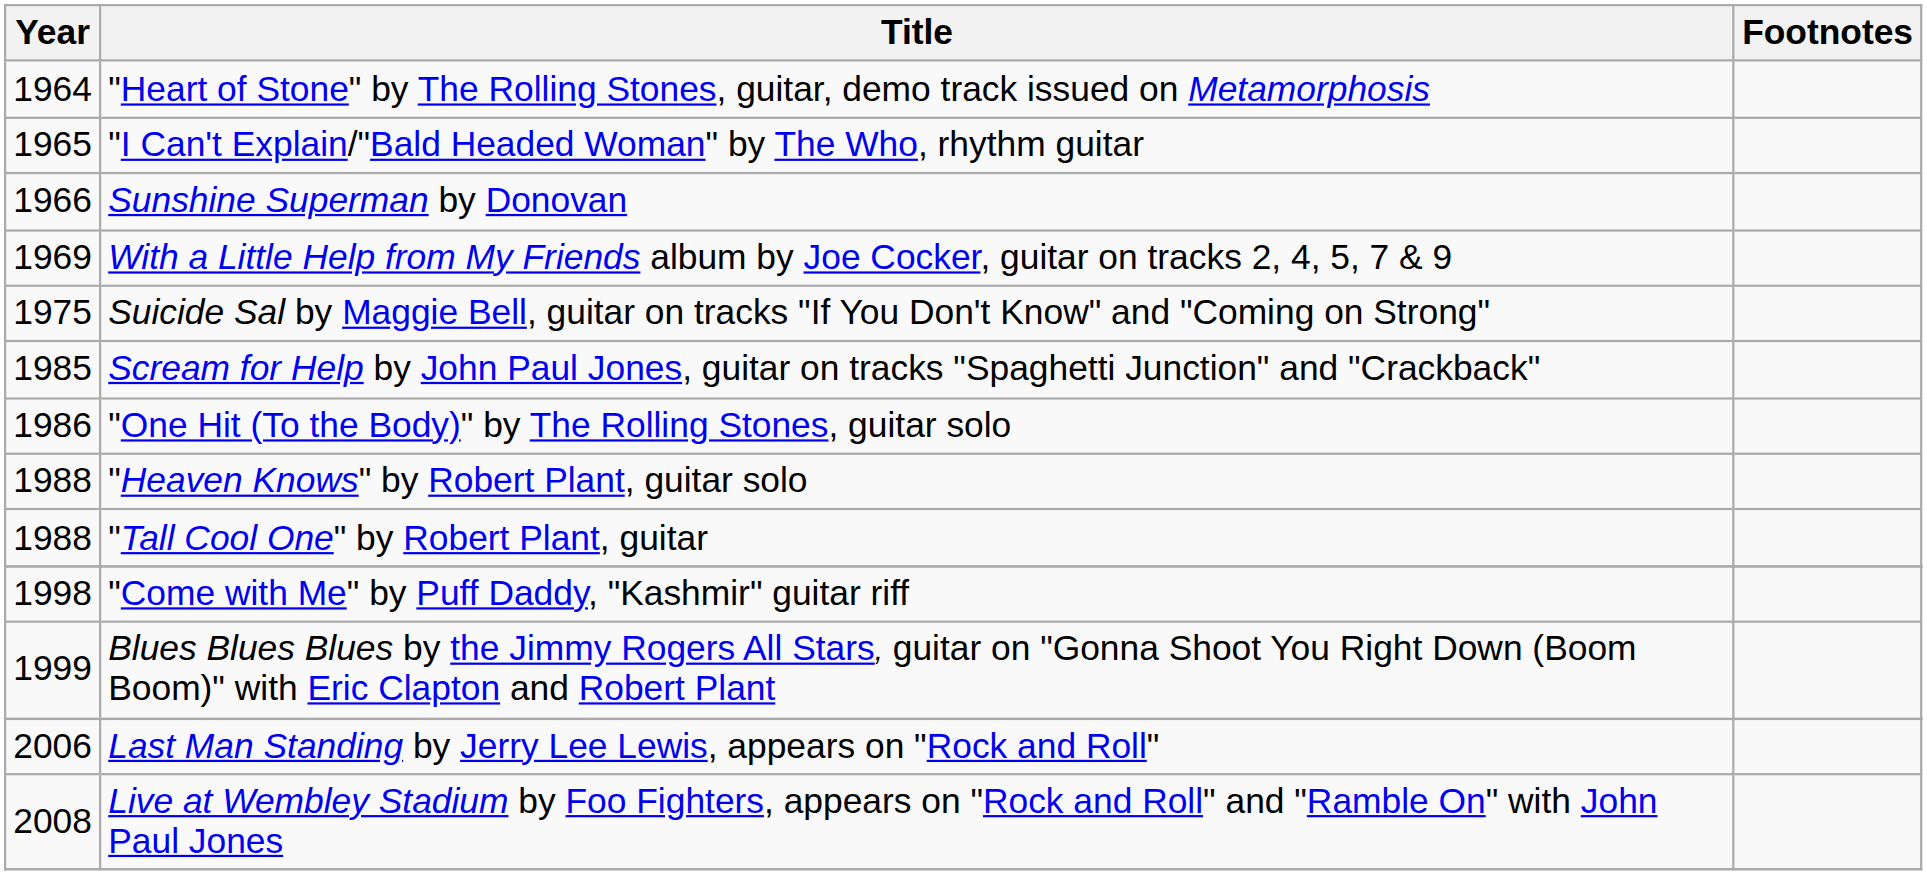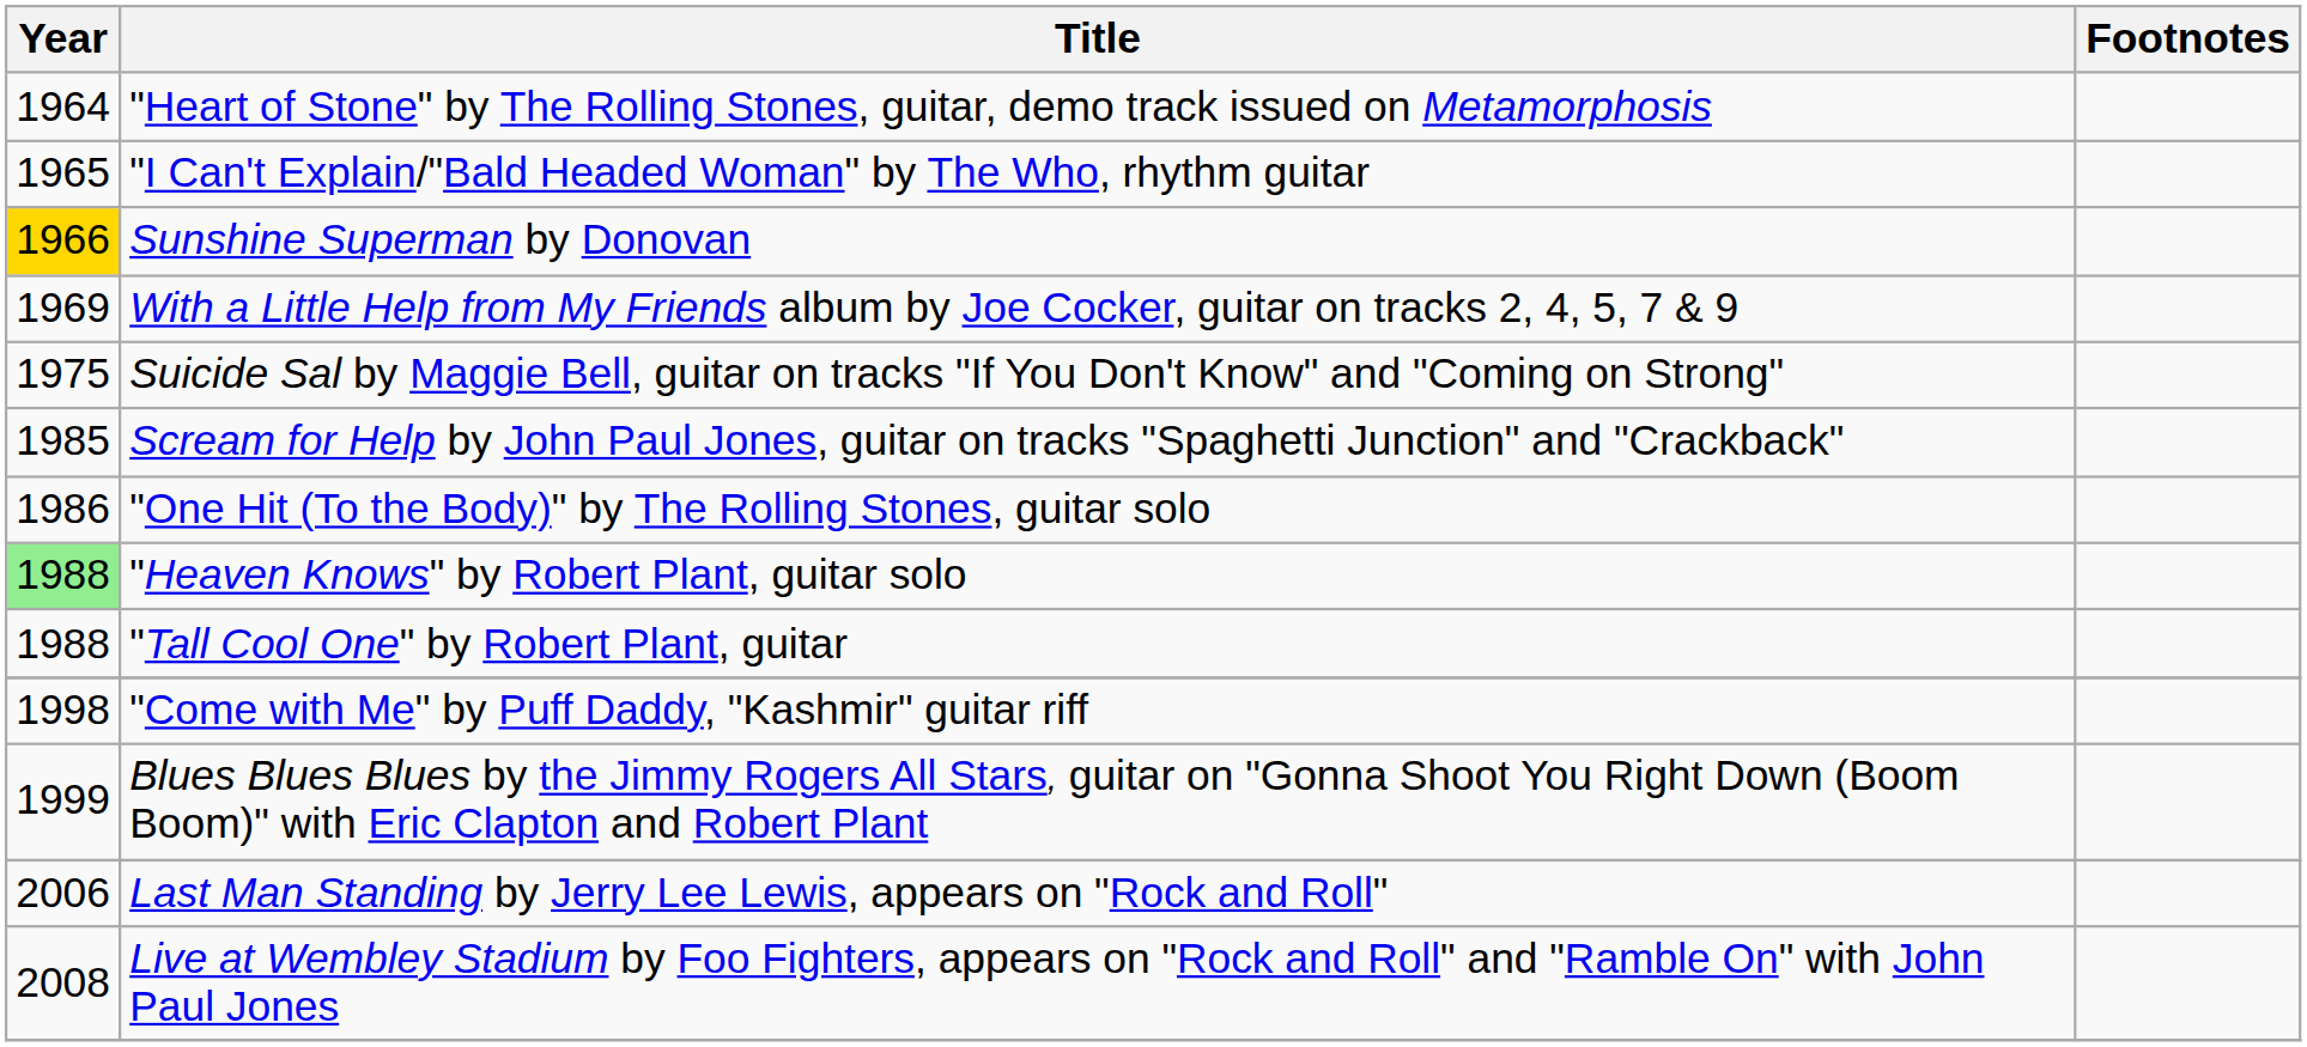 <table class="wikitable" style="text-align:center;">
 <tr>
 <th scope="col">Year</th>
 <th scope="col">Title</th>
 <th scope="col">Footnotes</th>
 </tr>
 <tr>
 <td>1964</td>
 <td style="text-align:left;">"<a href='#'>Heart of Stone</a>" by <a href='#'>The Rolling Stones</a>, guitar, demo track issued on <em><a href='#'>Metamorphosis</a></em></td>
 <td></td>
 </tr>
 <tr>
 <td>1965</td>
 <td style="text-align:left;">"<a href='#'>I Can't Explain</a>/"<a href='#'>Bald Headed Woman</a>" by <a href='#'>The Who</a>, rhythm guitar</td>
 <td></td>
 </tr>
 <tr>
-<td>1966</td>
+<td style="background: gold;">1966</td>
 <td style="text-align:left;"><a href='#'><em>Sunshine Superman</em></a> by <a href='#'>Donovan</a></td>
 <td></td>
 </tr>
 <tr>
 <td>1969</td>
 <td style="text-align:left;"><a href='#'><em>With a Little Help from My Friends</em></a> album by <a href='#'>Joe Cocker</a>, guitar on tracks 2, 4, 5, 7 & 9</td>
 <td></td>
 </tr>
 <tr>
 <td>1975</td>
 <td style="text-align:left;"><em>Suicide Sal</em> by <a href='#'>Maggie Bell</a>, guitar on tracks "If You Don't Know" and "Coming on Strong"</td>
 <td></td>
 </tr>
 <tr>
 <td>1985</td>
 <td style="text-align:left;"><em><a href='#'>Scream for Help</a></em> by <a href='#'>John Paul Jones</a>, guitar on tracks "Spaghetti Junction" and "Crackback"</td>
 <td></td>
 </tr>
 <tr>
 <td>1986</td>
 <td style="text-align:left;">"<a href='#'>One Hit (To the Body)</a>" by <a href='#'>The Rolling Stones</a>, guitar solo</td>
 <td></td>
 </tr>
 <tr>
-<td>1988</td>
+<td style="background: lightgreen;">1988</td>
 <td style="text-align:left;">"<a href='#'><em>Heaven Knows</em></a>" by <a href='#'>Robert Plant</a>, guitar solo</td>
 <td></td>
 </tr>
 <tr>
 <td>1988</td>
 <td style="text-align:left;">"<a href='#'><em>Tall Cool One</em></a>" by <a href='#'>Robert Plant</a>, guitar</td>
 <td></td>
 </tr>
 <tr>
 </tr>
 <tr>
 </tr>
 <tr>
 <td>1998</td>
 <td style="text-align:left;">"<a href='#'>Come with Me</a>" by <a href='#'>Puff Daddy</a>, "Kashmir" guitar riff</td>
 <td></td>
 </tr>
 <tr>
 <td>1999</td>
 <td style="text-align:left;"><em>Blues Blues Blues</em> by <a href='#'>the Jimmy Rogers All Stars</a><em><small>,</small></em> guitar on "Gonna Shoot You Right Down (Boom Boom)" with <a href='#'>Eric Clapton</a> and <a href='#'>Robert Plant</a></td>
 <td></td>
 </tr>
 <tr>
 </tr>
 <tr>
 </tr>
 <tr>
 <td>2006</td>
 <td style="text-align:left;"><em><a href='#'>Last Man Standing</a></em> by <a href='#'>Jerry Lee Lewis</a>, appears on "<a href='#'>Rock and Roll</a>"</td>
 <td></td>
 </tr>
 <tr>
 <td>2008</td>
 <td style="text-align:left;"><em><a href='#'>Live at Wembley Stadium</a></em> by <a href='#'>Foo Fighters</a>, appears on "<a href='#'>Rock and Roll</a>" and "<a href='#'>Ramble On</a>" with <a href='#'>John Paul Jones</a></td>
 <td></td>
 </tr>
 <tr>
 </tr>
 </table>
